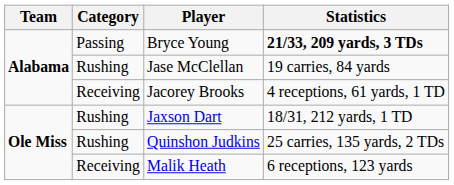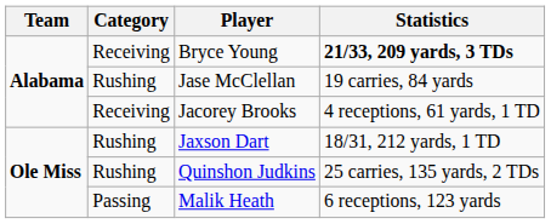 <table class="wikitable" style="float: right;">
 <tr>
 <th>Team</th>
 <th>Category</th>
 <th>Player</th>
 <th>Statistics</th>
 </tr>
 <tr>
 <td rowspan=3><strong>Alabama</strong></td>
-<td>Passing</td>
+<td>Receiving</td>
 <td>Bryce Young</td>
 <td><strong>21/33, 209 yards, 3 TDs</strong></td>
 </tr>
 <tr>
 <td>Rushing</td>
 <td>Jase McClellan</td>
 <td>19 carries, 84 yards</td>
 </tr>
 <tr>
 <td>Receiving</td>
 <td>Jacorey Brooks</td>
 <td>4 receptions, 61 yards, 1 TD</td>
 </tr>
 <tr>
 <td rowspan=3><strong>Ole Miss </strong></td>
 <td>Rushing</td>
 <td><a href='#'>Jaxson Dart</a></td>
 <td>18/31, 212 yards, 1 TD</td>
 </tr>
 <tr>
 <td>Rushing</td>
 <td><a href='#'>Quinshon Judkins</a></td>
 <td>25 carries, 135 yards, 2 TDs</td>
 </tr>
 <tr>
-<td>Receiving</td>
+<td>Passing</td>
 <td><a href='#'>Malik Heath</a></td>
 <td>6 receptions, 123 yards</td>
 </tr>
 </table>
